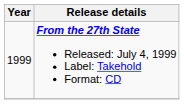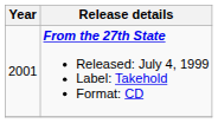 <table class ="wikitable">
 <tr>
 <th>Year</th>
 <th>Release details</th>
 </tr>
 <tr>
-<td>1999</td>
+<td>2001</td>
 <td><strong><em><a href='#'>From the 27th State</a></em></strong><br><ul><li>Released: July 4, 1999</li><li>Label: <a href='#'>Takehold</a></li><li>Format: <a href='#'>CD</a></li></ul></td>
 </tr>
 <tr>
 </tr>
 </table>
